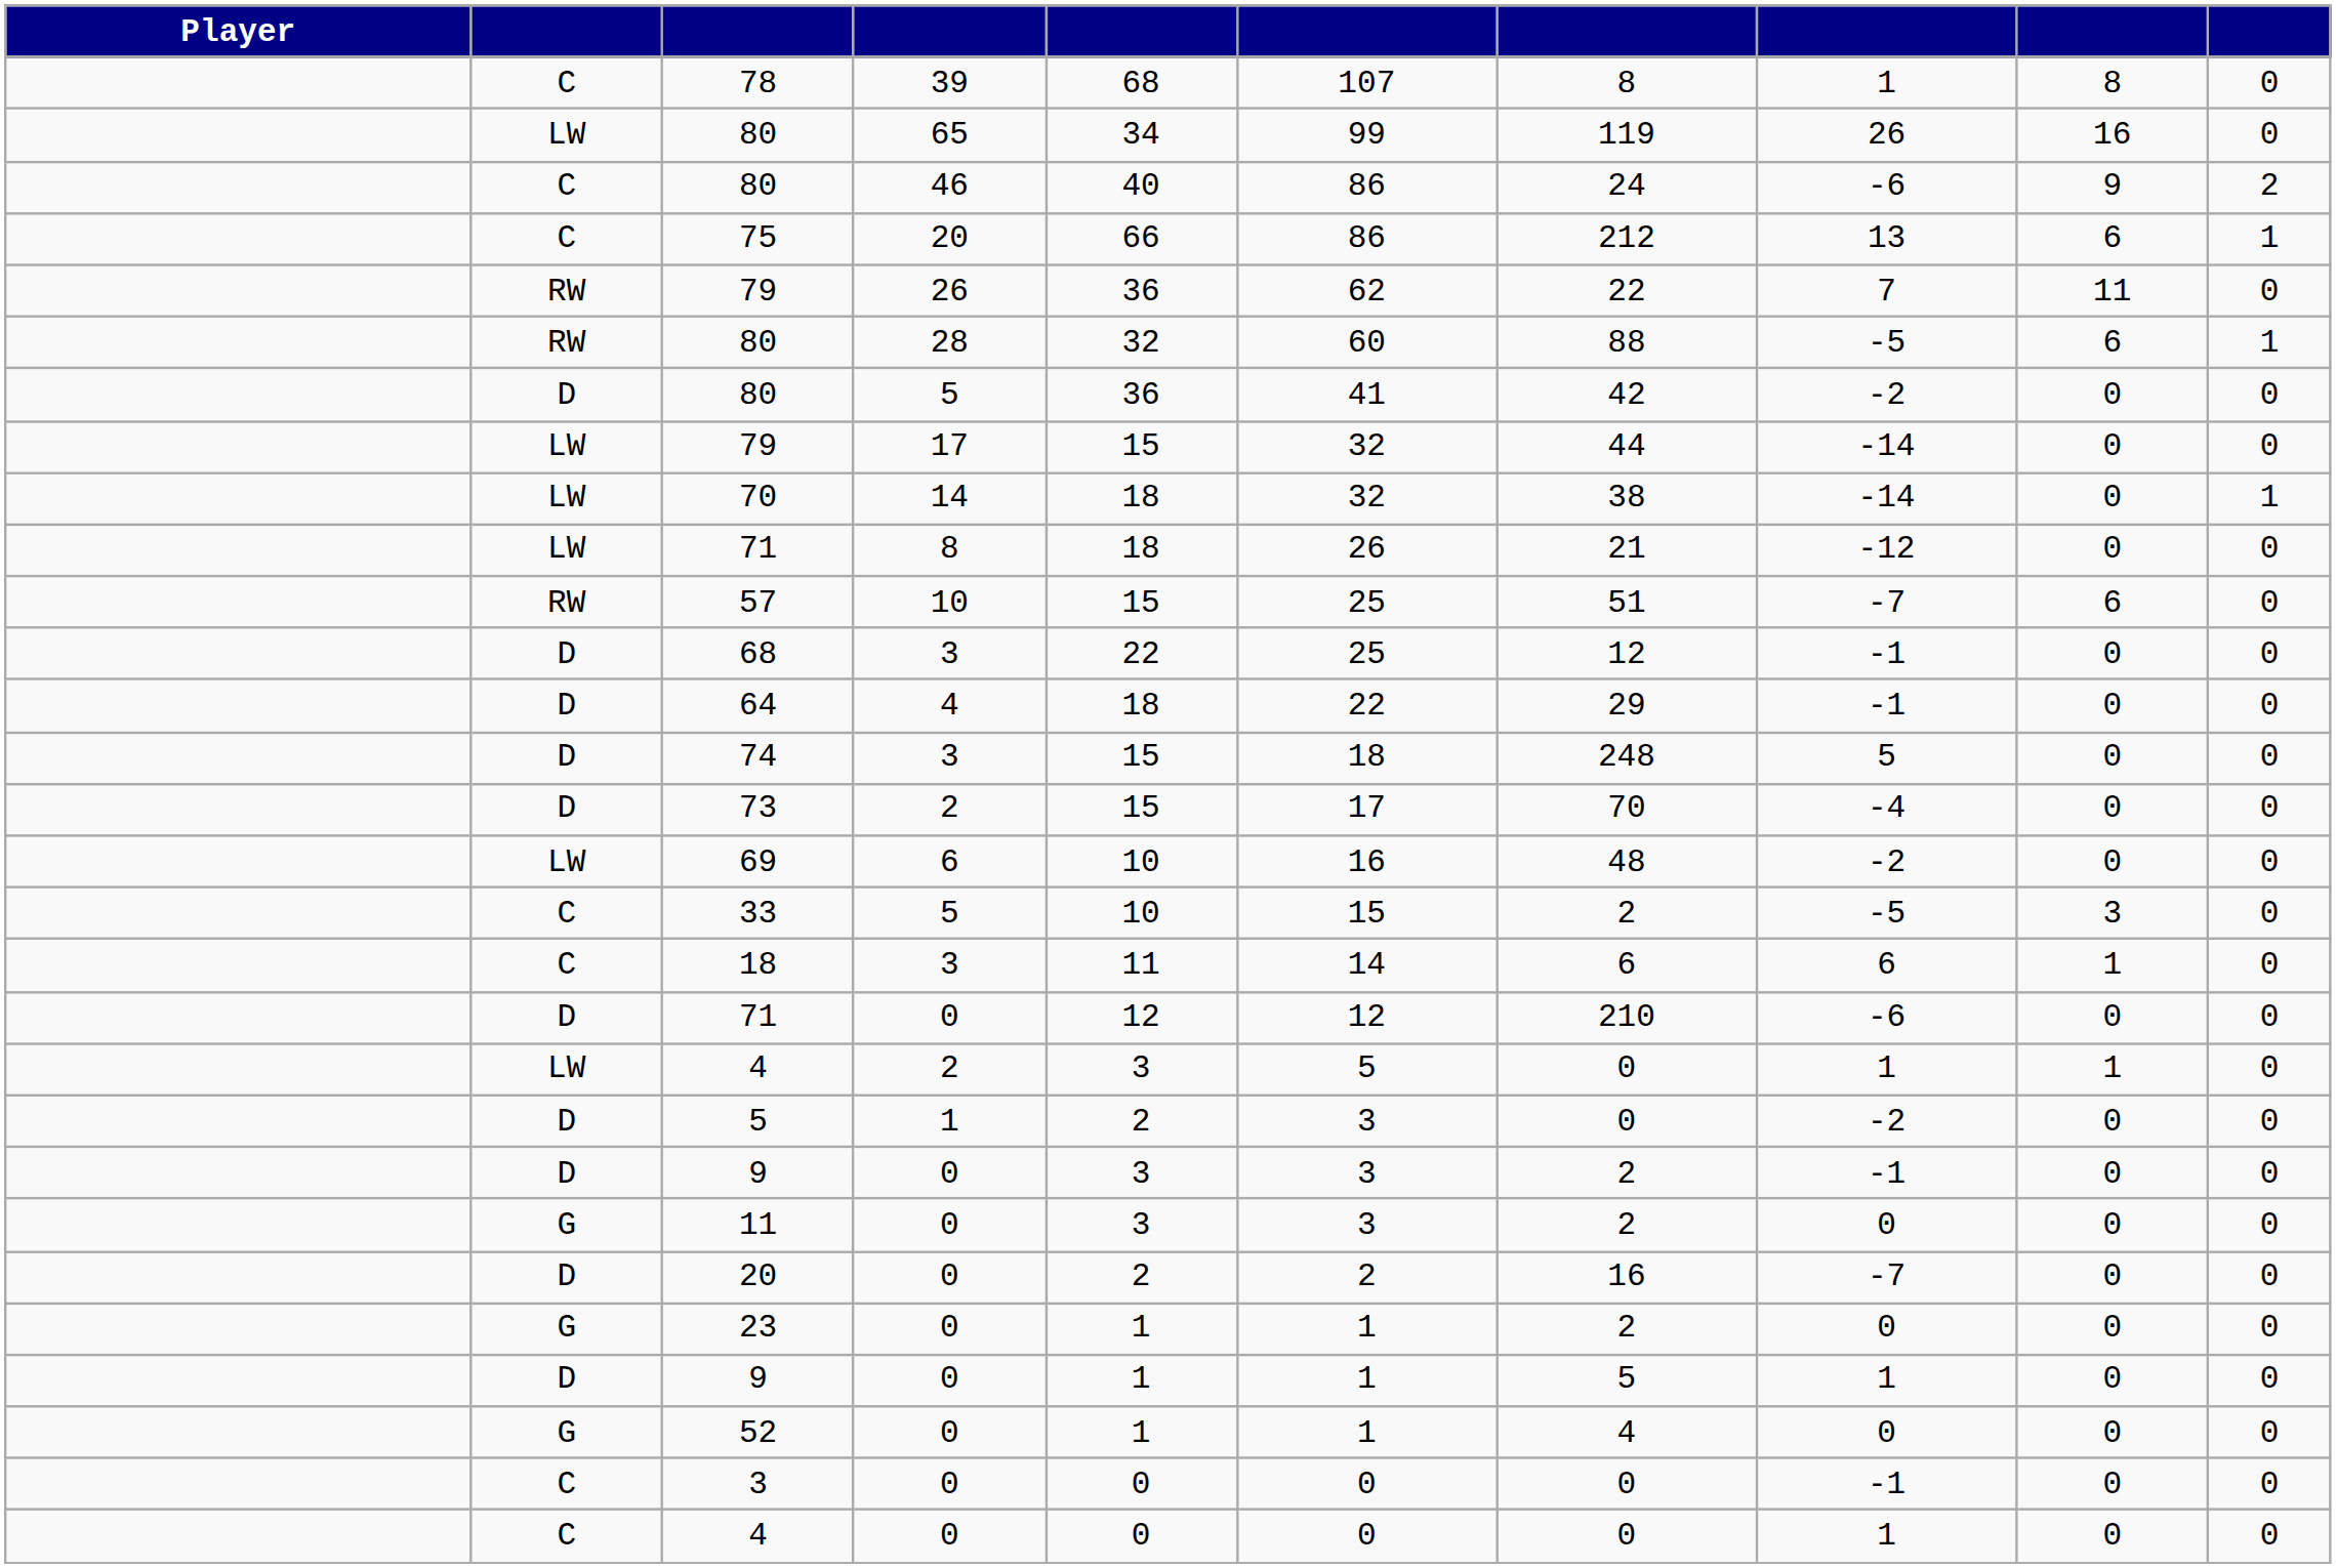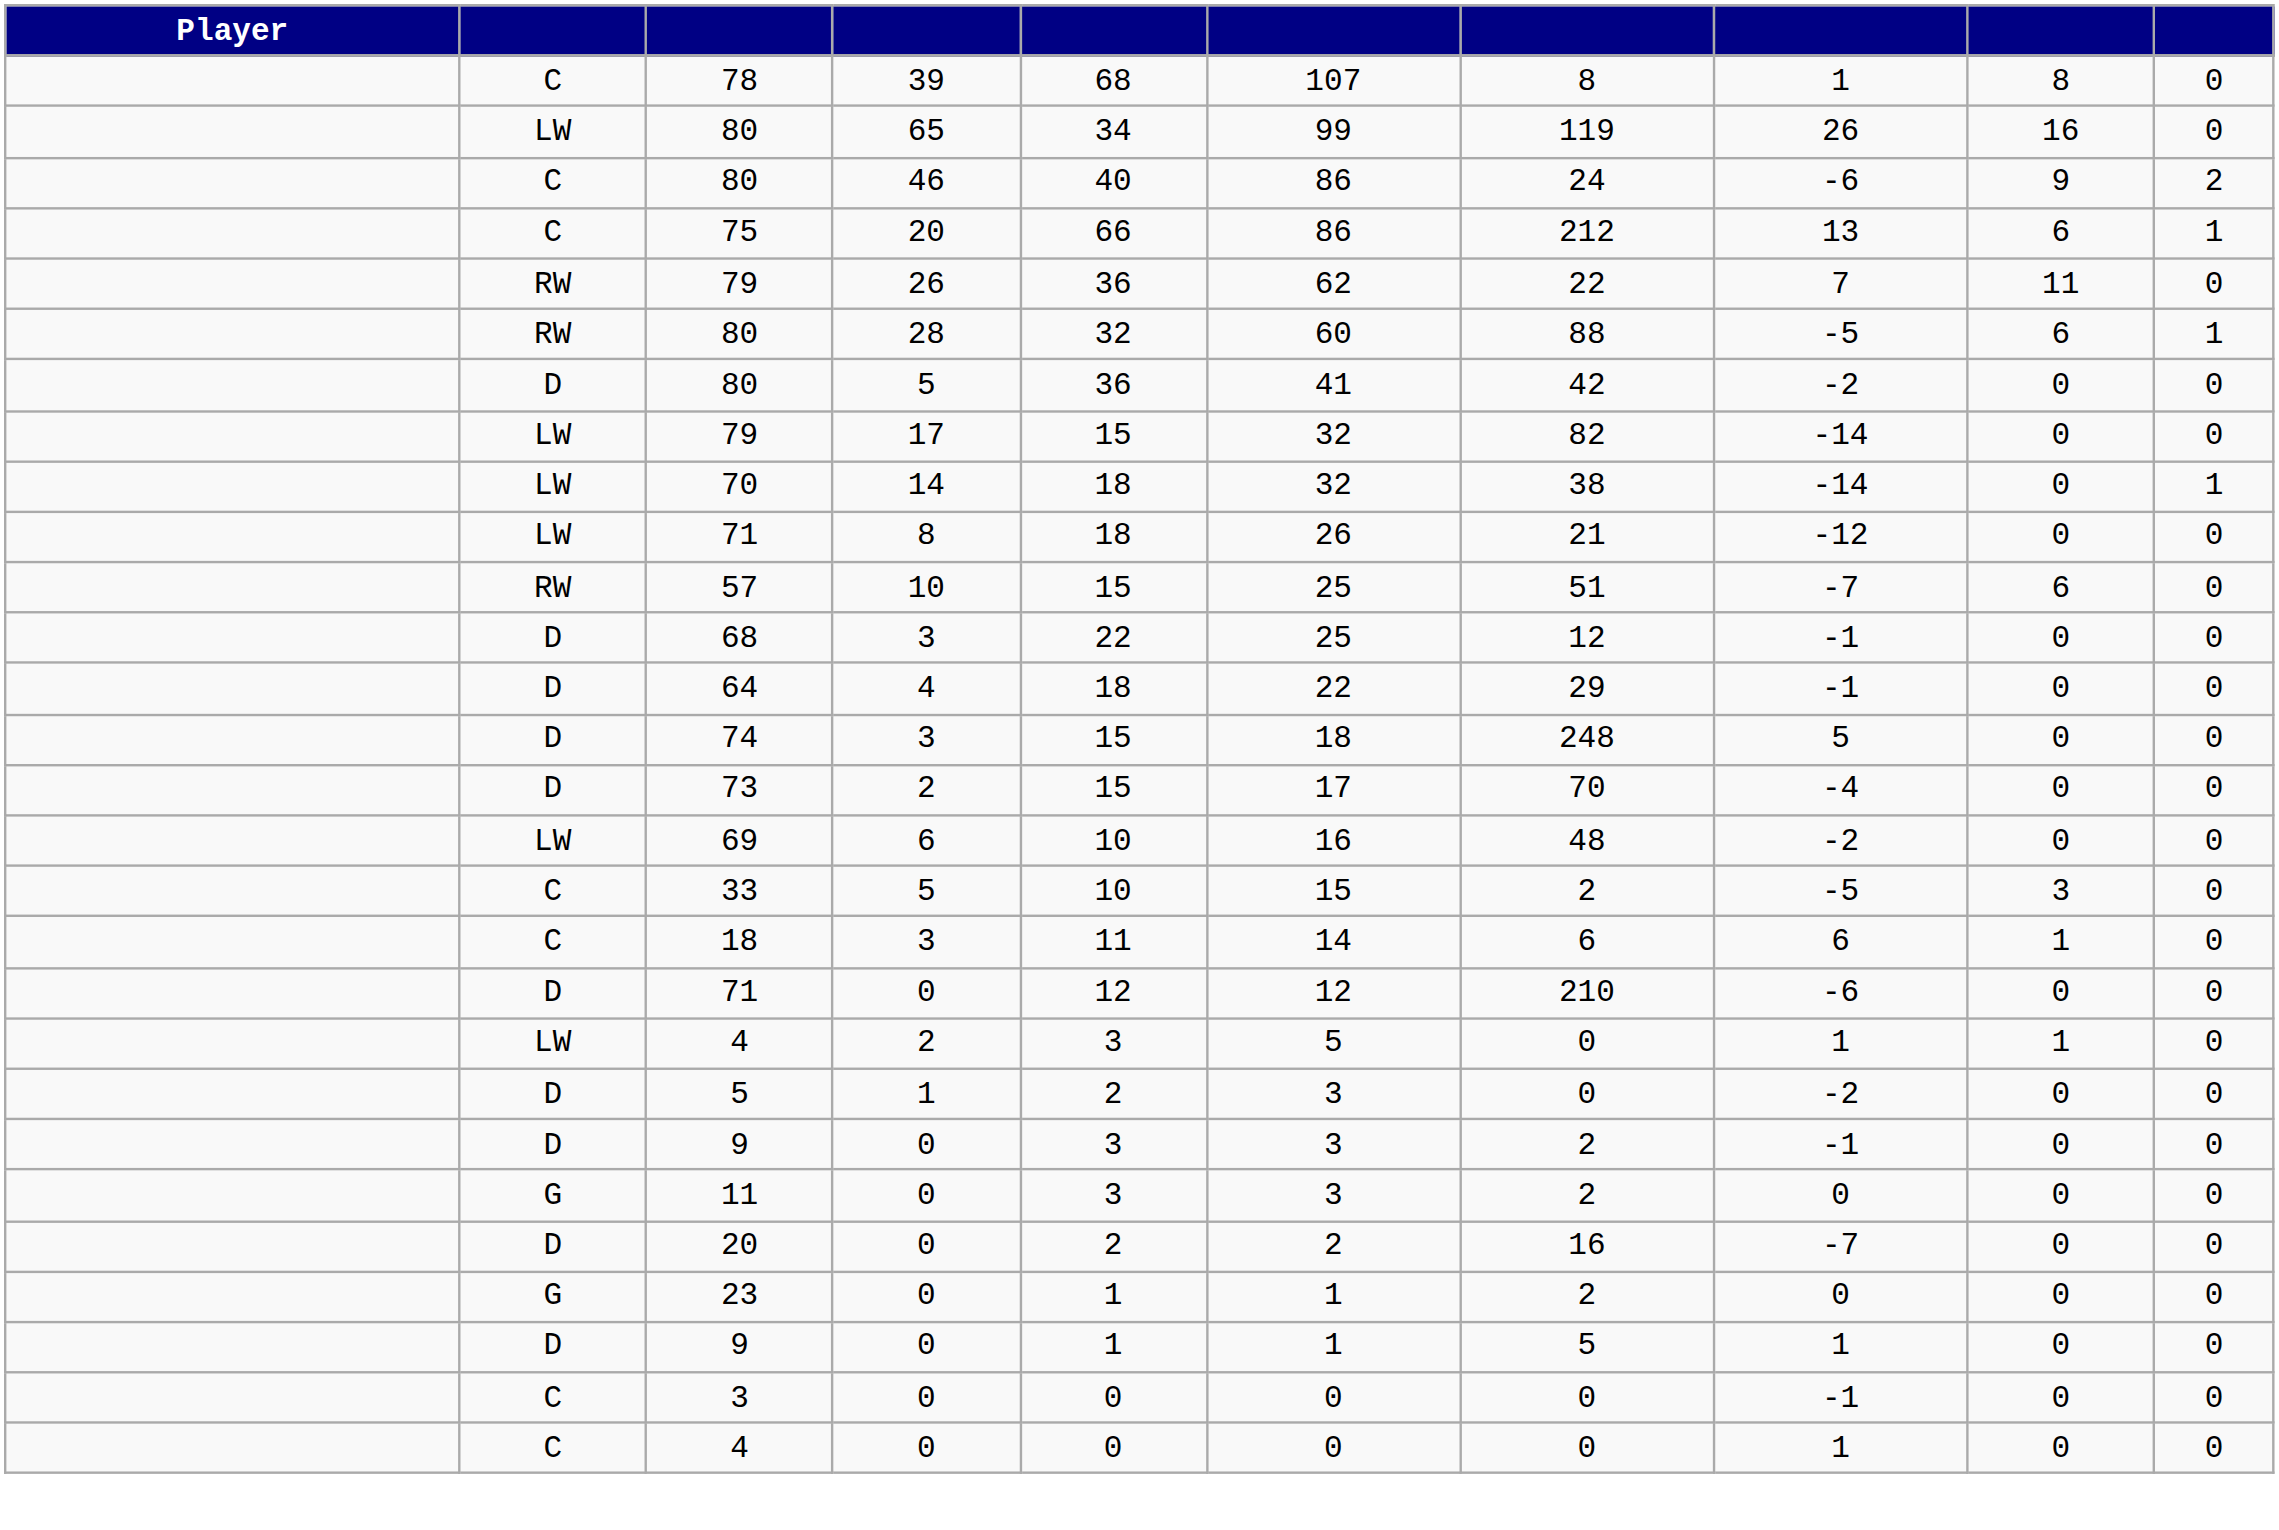 <table class="wikitable sortable" style="width:60%; text-align:center;">
 <tr align=center>
 <th style="color:white; background:#000084; ">Player</th>
 <th style="color:white; background:#000084; "></th>
 <th style="color:white; background:#000084; "></th>
 <th style="color:white; background:#000084; "></th>
 <th style="color:white; background:#000084; "></th>
 <th style="color:white; background:#000084; "></th>
 <th style="color:white; background:#000084; "></th>
 <th style="color:white; background:#000084; "></th>
 <th style="color:white; background:#000084; "></th>
 <th style="color:white; background:#000084; "></th>
 </tr>
 <tr>
 </tr>
 <tr style="text-align:center;">
 <td style="text-align:right;"></td>
 <td>C</td>
 <td>78</td>
 <td>39</td>
 <td>68</td>
 <td>107</td>
 <td>8</td>
 <td>1</td>
 <td>8</td>
 <td>0</td>
 </tr>
 <tr style="text-align:center;">
 <td style="text-align:right;"></td>
 <td>LW</td>
 <td>80</td>
 <td>65</td>
 <td>34</td>
 <td>99</td>
 <td>119</td>
 <td>26</td>
 <td>16</td>
 <td>0</td>
 </tr>
 <tr style="text-align:center;">
 <td style="text-align:right;"></td>
 <td>C</td>
 <td>80</td>
 <td>46</td>
 <td>40</td>
 <td>86</td>
 <td>24</td>
 <td>-6</td>
 <td>9</td>
 <td>2</td>
 </tr>
 <tr style="text-align:center;">
 <td style="text-align:right;"></td>
 <td>C</td>
 <td>75</td>
 <td>20</td>
 <td>66</td>
 <td>86</td>
 <td>212</td>
 <td>13</td>
 <td>6</td>
 <td>1</td>
 </tr>
 <tr style="text-align:center;">
 <td style="text-align:right;"></td>
 <td>RW</td>
 <td>79</td>
 <td>26</td>
 <td>36</td>
 <td>62</td>
 <td>22</td>
 <td>7</td>
 <td>11</td>
 <td>0</td>
 </tr>
 <tr style="text-align:center;">
 <td style="text-align:right;"></td>
 <td>RW</td>
 <td>80</td>
 <td>28</td>
 <td>32</td>
 <td>60</td>
 <td>88</td>
 <td>-5</td>
 <td>6</td>
 <td>1</td>
 </tr>
 <tr style="text-align:center;">
 <td style="text-align:right;"></td>
 <td>D</td>
 <td>80</td>
 <td>5</td>
 <td>36</td>
 <td>41</td>
 <td>42</td>
 <td>-2</td>
 <td>0</td>
 <td>0</td>
 </tr>
 <tr style="text-align:center;">
 <td style="text-align:right;"></td>
 <td>LW</td>
 <td>79</td>
 <td>17</td>
 <td>15</td>
 <td>32</td>
-<td>44</td>
+<td>82</td>
 <td>-14</td>
 <td>0</td>
 <td>0</td>
 </tr>
 <tr style="text-align:center;">
 <td style="text-align:right;"></td>
 <td>LW</td>
 <td>70</td>
 <td>14</td>
 <td>18</td>
 <td>32</td>
 <td>38</td>
 <td>-14</td>
 <td>0</td>
 <td>1</td>
 </tr>
 <tr style="text-align:center;">
 <td style="text-align:right;"></td>
 <td>LW</td>
 <td>71</td>
 <td>8</td>
 <td>18</td>
 <td>26</td>
 <td>21</td>
 <td>-12</td>
 <td>0</td>
 <td>0</td>
 </tr>
 <tr style="text-align:center;">
 <td style="text-align:right;"></td>
 <td>RW</td>
 <td>57</td>
 <td>10</td>
 <td>15</td>
 <td>25</td>
 <td>51</td>
 <td>-7</td>
 <td>6</td>
 <td>0</td>
 </tr>
 <tr style="text-align:center;">
 <td style="text-align:right;"></td>
 <td>D</td>
 <td>68</td>
 <td>3</td>
 <td>22</td>
 <td>25</td>
 <td>12</td>
 <td>-1</td>
 <td>0</td>
 <td>0</td>
 </tr>
 <tr style="text-align:center;">
 <td style="text-align:right;"></td>
 <td>D</td>
 <td>64</td>
 <td>4</td>
 <td>18</td>
 <td>22</td>
 <td>29</td>
 <td>-1</td>
 <td>0</td>
 <td>0</td>
 </tr>
 <tr style="text-align:center;">
 <td style="text-align:right;"></td>
 <td>D</td>
 <td>74</td>
 <td>3</td>
 <td>15</td>
 <td>18</td>
 <td>248</td>
 <td>5</td>
 <td>0</td>
 <td>0</td>
 </tr>
 <tr style="text-align:center;">
 <td style="text-align:right;"></td>
 <td>D</td>
 <td>73</td>
 <td>2</td>
 <td>15</td>
 <td>17</td>
 <td>70</td>
 <td>-4</td>
 <td>0</td>
 <td>0</td>
 </tr>
 <tr style="text-align:center;">
 <td style="text-align:right;"></td>
 <td>LW</td>
 <td>69</td>
 <td>6</td>
 <td>10</td>
 <td>16</td>
 <td>48</td>
 <td>-2</td>
 <td>0</td>
 <td>0</td>
 </tr>
 <tr style="text-align:center;">
 <td style="text-align:right;"></td>
 <td>C</td>
 <td>33</td>
 <td>5</td>
 <td>10</td>
 <td>15</td>
 <td>2</td>
 <td>-5</td>
 <td>3</td>
 <td>0</td>
 </tr>
 <tr style="text-align:center;">
 <td style="text-align:right;"></td>
 <td>C</td>
 <td>18</td>
 <td>3</td>
 <td>11</td>
 <td>14</td>
 <td>6</td>
 <td>6</td>
 <td>1</td>
 <td>0</td>
 </tr>
 <tr style="text-align:center;">
 <td style="text-align:right;"></td>
 <td>D</td>
 <td>71</td>
 <td>0</td>
 <td>12</td>
 <td>12</td>
 <td>210</td>
 <td>-6</td>
 <td>0</td>
 <td>0</td>
 </tr>
 <tr style="text-align:center;">
 <td style="text-align:right;"></td>
 <td>LW</td>
 <td>4</td>
 <td>2</td>
 <td>3</td>
 <td>5</td>
 <td>0</td>
 <td>1</td>
 <td>1</td>
 <td>0</td>
 </tr>
 <tr style="text-align:center;">
 <td style="text-align:right;"></td>
 <td>D</td>
 <td>5</td>
 <td>1</td>
 <td>2</td>
 <td>3</td>
 <td>0</td>
 <td>-2</td>
 <td>0</td>
 <td>0</td>
 </tr>
 <tr style="text-align:center;">
 <td style="text-align:right;"></td>
 <td>D</td>
 <td>9</td>
 <td>0</td>
 <td>3</td>
 <td>3</td>
 <td>2</td>
 <td>-1</td>
 <td>0</td>
 <td>0</td>
 </tr>
 <tr style="text-align:center;">
 <td style="text-align:right;"></td>
 <td>G</td>
 <td>11</td>
 <td>0</td>
 <td>3</td>
 <td>3</td>
 <td>2</td>
 <td>0</td>
 <td>0</td>
 <td>0</td>
 </tr>
 <tr style="text-align:center;">
 <td style="text-align:right;"></td>
 <td>D</td>
 <td>20</td>
 <td>0</td>
 <td>2</td>
 <td>2</td>
 <td>16</td>
 <td>-7</td>
 <td>0</td>
 <td>0</td>
 </tr>
 <tr style="text-align:center;">
 <td style="text-align:right;"></td>
 <td>G</td>
 <td>23</td>
 <td>0</td>
 <td>1</td>
 <td>1</td>
 <td>2</td>
 <td>0</td>
 <td>0</td>
 <td>0</td>
 </tr>
 <tr style="text-align:center;">
 <td style="text-align:right;"></td>
 <td>D</td>
 <td>9</td>
 <td>0</td>
 <td>1</td>
 <td>1</td>
 <td>5</td>
 <td>1</td>
 <td>0</td>
 <td>0</td>
 </tr>
 <tr style="text-align:center;">
 <td style="text-align:right;"></td>
-<td>G</td>
-<td>52</td>
-<td>0</td>
-<td>1</td>
-<td>1</td>
-<td>4</td>
-<td>0</td>
-<td>0</td>
-<td>0</td>
-</tr>
-<tr style="text-align:center;">
-<td style="text-align:right;"></td>
 <td>C</td>
 <td>3</td>
 <td>0</td>
 <td>0</td>
 <td>0</td>
 <td>0</td>
 <td>-1</td>
 <td>0</td>
 <td>0</td>
 </tr>
 <tr style="text-align:center;">
 <td style="text-align:right;"></td>
 <td>C</td>
 <td>4</td>
 <td>0</td>
 <td>0</td>
 <td>0</td>
 <td>0</td>
 <td>1</td>
 <td>0</td>
 <td>0</td>
 </tr>
 </table>
